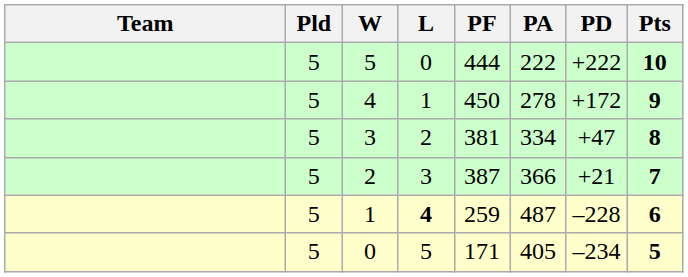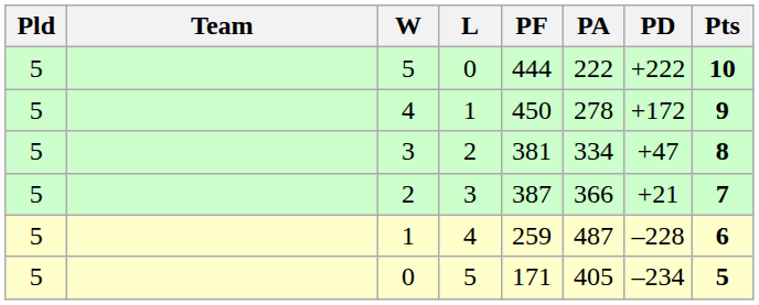 <table class=wikitable style="text-align:center">
 <tr>
+<th width=30>Pld</th>
 <th width=180>Team</th>
-<th width=30>Pld</th>
 <th width=30>W</th>
 <th width=30>L</th>
 <th width=30>PF</th>
 <th width=30>PA</th>
 <th width=30>PD</th>
 <th width=30>Pts</th>
 </tr>
 <tr align=center bgcolor=#ccffcc>
+<td>5</td>
 <td align=left></td>
-<td>5</td>
 <td>5</td>
 <td>0</td>
 <td>444</td>
 <td>222</td>
 <td>+222</td>
 <td><strong>10</strong></td>
 </tr>
 <tr align=center bgcolor=#ccffcc>
+<td>5</td>
 <td align=left></td>
-<td>5</td>
 <td>4</td>
 <td>1</td>
 <td>450</td>
 <td>278</td>
 <td>+172</td>
 <td><strong>9</strong></td>
 </tr>
 <tr align=center bgcolor=#ccffcc>
+<td>5</td>
 <td align=left></td>
-<td>5</td>
 <td>3</td>
 <td>2</td>
 <td>381</td>
 <td>334</td>
 <td>+47</td>
 <td><strong>8</strong></td>
 </tr>
 <tr align=center bgcolor=#ccffcc>
+<td>5</td>
 <td align=left></td>
-<td>5</td>
 <td>2</td>
 <td>3</td>
 <td>387</td>
 <td>366</td>
 <td>+21</td>
 <td><strong>7</strong></td>
 </tr>
 <tr align=center bgcolor=#ffffcc>
+<td>5</td>
 <td align=left></td>
-<td>5</td>
 <td>1</td>
-<td><strong>4</strong></td>
+<td>4</td>
 <td>259</td>
 <td>487</td>
 <td>–228</td>
 <td><strong>6</strong></td>
 </tr>
 <tr align=center bgcolor=#ffffcc>
+<td>5</td>
 <td align=left></td>
-<td>5</td>
 <td>0</td>
 <td>5</td>
 <td>171</td>
 <td>405</td>
 <td>–234</td>
 <td><strong>5</strong></td>
 </tr>
 </table>
